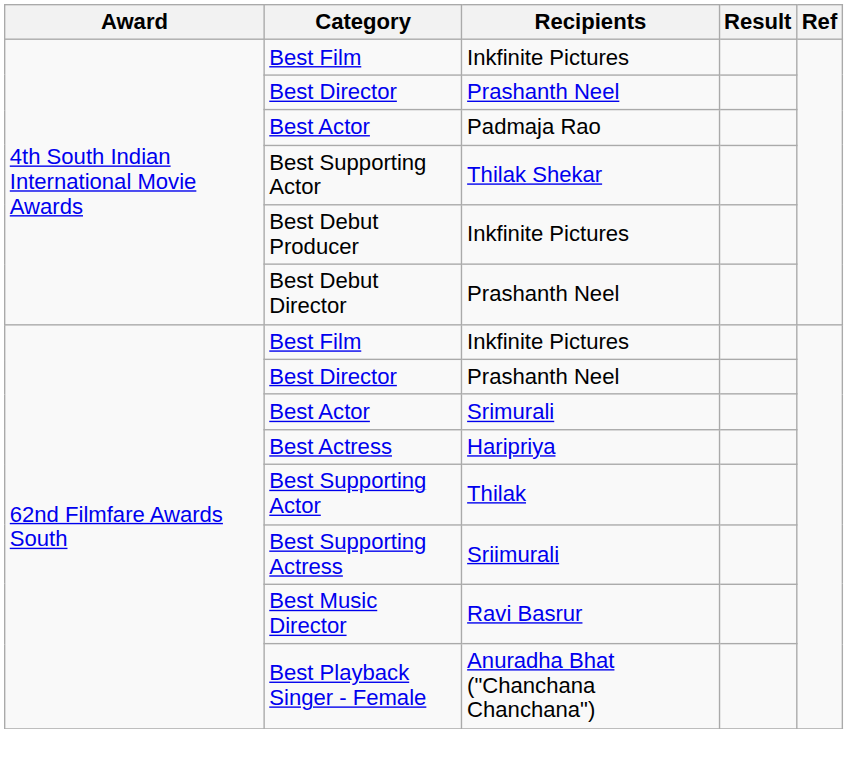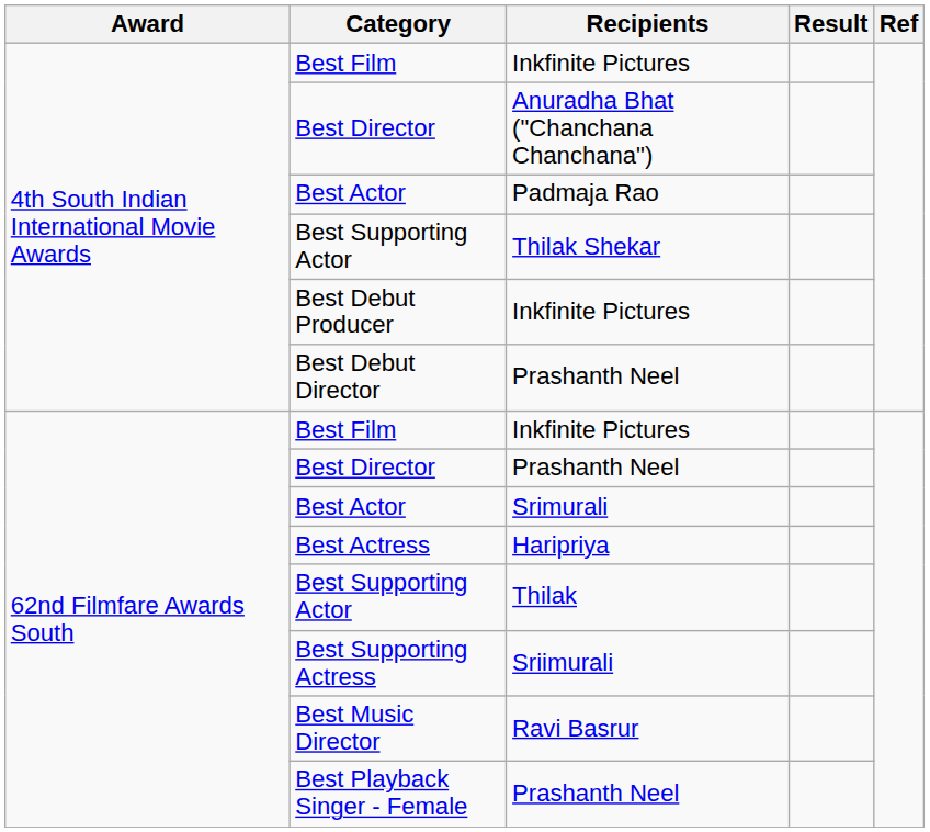 <table class="wikitable">
 <tr>
 <th>Award</th>
 <th>Category</th>
 <th>Recipients</th>
 <th>Result</th>
 <th>Ref</th>
 </tr>
 <tr>
 <td rowspan=6><a href='#'>4th South Indian International Movie Awards</a></td>
 <td><a href='#'>Best Film</a></td>
 <td>Inkfinite Pictures</td>
 <td></td>
 <td rowspan=6><br></td>
 </tr>
 <tr>
 <td><a href='#'>Best Director</a></td>
-<td><a href='#'>Prashanth Neel</a></td>
+<td><a href='#'>Anuradha Bhat</a> ("Chanchana Chanchana")</td>
 <td></td>
 </tr>
 <tr>
 <td><a href='#'>Best Actor</a></td>
 <td>Padmaja Rao</td>
 <td></td>
 </tr>
 <tr>
 <td>Best Supporting Actor</td>
 <td><a href='#'>Thilak Shekar</a></td>
 <td></td>
 </tr>
 <tr>
 <td>Best Debut Producer</td>
 <td>Inkfinite Pictures</td>
 <td></td>
 </tr>
 <tr>
 <td>Best Debut Director</td>
 <td>Prashanth Neel</td>
 <td></td>
 </tr>
 <tr>
 <td rowspan=8><a href='#'>62nd Filmfare Awards South</a></td>
 <td><a href='#'>Best Film</a></td>
 <td>Inkfinite Pictures</td>
 <td></td>
 <td rowspan=8><br></td>
 </tr>
 <tr>
 <td><a href='#'>Best Director</a></td>
 <td>Prashanth Neel</td>
 <td></td>
 </tr>
 <tr>
 <td><a href='#'>Best Actor</a></td>
 <td><a href='#'>Srimurali</a></td>
 <td></td>
 </tr>
 <tr>
 <td><a href='#'>Best Actress</a></td>
 <td><a href='#'>Haripriya</a></td>
 <td></td>
 </tr>
 <tr>
 <td><a href='#'>Best Supporting Actor</a></td>
 <td><a href='#'>Thilak</a></td>
 <td></td>
 </tr>
 <tr>
 <td><a href='#'>Best Supporting Actress</a></td>
 <td><a href='#'>Sriimurali</a></td>
 <td></td>
 </tr>
 <tr>
 <td><a href='#'>Best Music Director</a></td>
 <td><a href='#'>Ravi Basrur</a></td>
 <td></td>
 </tr>
 <tr>
 <td><a href='#'>Best Playback Singer - Female</a></td>
-<td><a href='#'>Anuradha Bhat</a> ("Chanchana Chanchana")</td>
+<td><a href='#'>Prashanth Neel</a></td>
 <td></td>
 </tr>
 <tr>
 </tr>
 </table>
